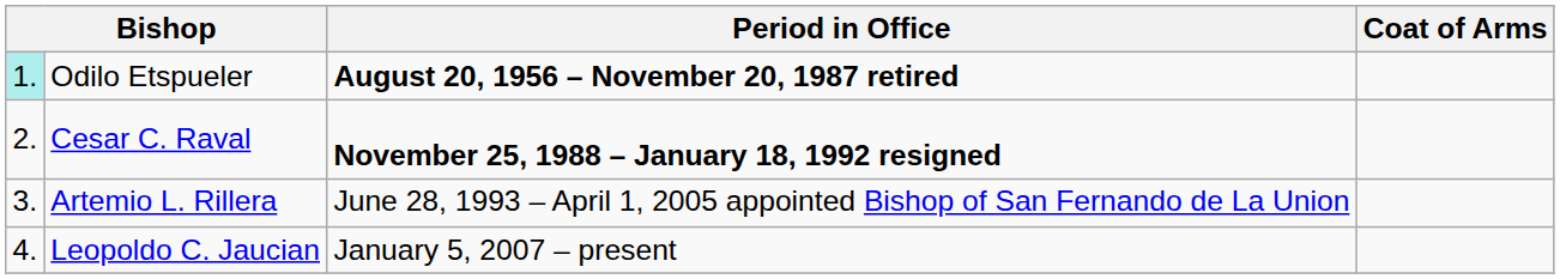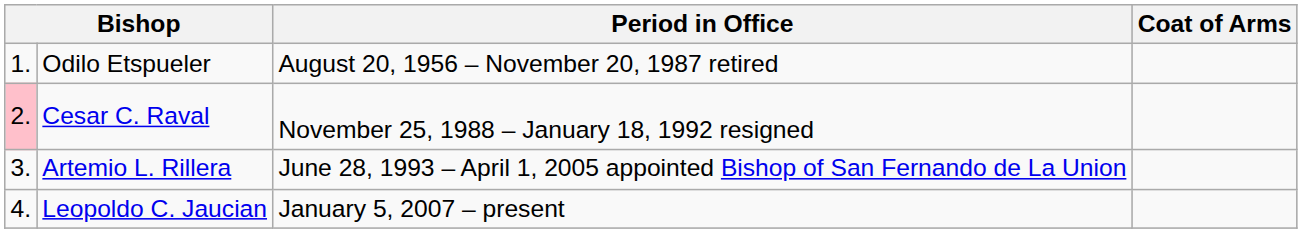 <table class="wikitable">
 <tr>
 <th colspan=2>Bishop</th>
 <th>Period in Office</th>
 <th>Coat of Arms</th>
 </tr>
 <tr>
-<td style="background: paleturquoise;">1.</td>
+<td>1.</td>
 <td>Odilo Etspueler</td>
-<td><strong>August 20, 1956 – November 20, 1987 retired</strong></td>
+<td>August 20, 1956 – November 20, 1987 retired</td>
 <td></td>
 </tr>
 <tr>
-<td>2.</td>
+<td style="background: pink;">2.</td>
 <td><a href='#'>Cesar C. Raval</a></td>
-<td><strong><br>November 25, 1988 – January 18, 1992 resigned</strong></td>
+<td><br>November 25, 1988 – January 18, 1992 resigned</td>
 <td></td>
 </tr>
 <tr>
 <td>3.</td>
 <td><a href='#'>Artemio L. Rillera</a></td>
 <td>June 28, 1993 – April 1, 2005 appointed <a href='#'>Bishop of San Fernando de La Union</a></td>
 <td></td>
 </tr>
 <tr>
 <td>4.</td>
 <td><a href='#'>Leopoldo C. Jaucian</a></td>
 <td>January 5, 2007 – present</td>
 <td></td>
 </tr>
 </table>
